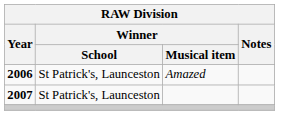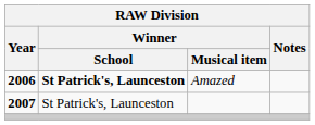 <table class="wikitable sortable">
 <tr>
 <th colspan=8>RAW Division</th>
 </tr>
 <tr>
 <th rowspan=2>Year</th>
 <th colspan=2>Winner</th>
 <th rowspan=2>Notes</th>
 </tr>
 <tr>
 <th>School</th>
 <th>Musical item</th>
 </tr>
 <tr>
 <td><strong>2006</strong></td>
-<td>St Patrick's, Launceston</td>
+<td><strong>St Patrick's, Launceston</strong></td>
 <td><em>Amazed</em></td>
 <td></td>
 </tr>
 <tr>
 <td><strong>2007</strong></td>
 <td>St Patrick's, Launceston</td>
 <td></td>
 <td></td>
 </tr>
 <tr>
 <th colspan=8 style="background: #cccccc;"></th>
 </tr>
 </table>
